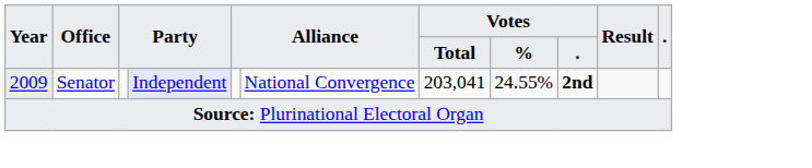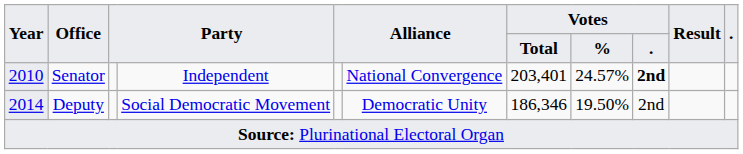 <table class="wikitable" style="font-size:90%; text-align:center;">
 <tr>
 <th style="background-color:#EAECF0;" rowspan=2>Year</th>
 <th style="background-color:#EAECF0;" rowspan=2>Office</th>
 <th style="background-color:#EAECF0;" colspan=2 rowspan=2>Party</th>
 <th style="background-color:#EAECF0;" colspan=2 rowspan=2>Alliance</th>
 <th style="background-color:#EAECF0;" colspan=3>Votes</th>
 <th style="background-color:#EAECF0;" rowspan=2>Result</th>
 <th style="background-color:#EAECF0;" rowspan=2>.</th>
 </tr>
 <tr>
 <th style="background-color:#EAECF0;">Total</th>
 <th style="background-color:#EAECF0;">%</th>
 <th style="background-color:#EAECF0;">.</th>
 </tr>
 <tr>
-<td style="background-color:#EAECF0;"><a href='#'>2009</a></td>
+<td style="background-color:#EAECF0;"><a href='#'>2010</a></td>
 <td><a href='#'>Senator</a></td>
 <td style="background-color:"></td>
-<td style="background: lavender;"><a href='#'>Independent</a></td>
+<td><a href='#'>Independent</a></td>
 <td style="background-color:"></td>
 <td><a href='#'>National Convergence</a></td>
-<td>203,041</td>
-<td>24.55%</td>
+<td>203,401</td>
+<td>24.57%</td>
 <td><strong>2nd</strong></td>
+<td></td>
+<td></td>
+</tr>
+<tr>
+<td style="background-color:#EAECF0;"><a href='#'>2014</a></td>
+<td><a href='#'>Deputy</a></td>
+<td style="background-color:"></td>
+<td><a href='#'>Social Democratic Movement</a></td>
+<td style="background-color:"></td>
+<td><a href='#'>Democratic Unity</a></td>
+<td>186,346</td>
+<td>19.50%</td>
+<td>2nd</td>
 <td></td>
 <td></td>
 </tr>
 <tr>
 <td style="background-color:#EAECF0;" colspan=11><strong>Source:</strong> <a href='#'>Plurinational Electoral Organ</a>  </td>
 </tr>
 </table>
